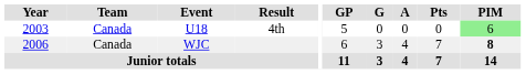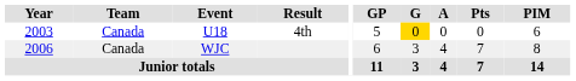 <table border="0" cellpadding="1" cellspacing="0" ID="Table3" style="text-align:center; width:40em;">
 <tr bgcolor="#e0e0e0">
 <th>Year</th>
 <th>Team</th>
 <th>Event</th>
 <th>Result</th>
 <th rowspan="99" bgcolor="#ffffff"></th>
 <th>GP</th>
 <th>G</th>
 <th>A</th>
 <th>Pts</th>
 <th>PIM</th>
 </tr>
 <tr>
 <td><a href='#'>2003</a></td>
 <td><a href='#'>Canada</a></td>
 <td><a href='#'>U18</a></td>
 <td>4th</td>
 <td>5</td>
+<td style="background: gold;">0</td>
 <td>0</td>
 <td>0</td>
-<td>0</td>
-<td style="background: lightgreen;">6</td>
+<td>6</td>
 </tr>
 <tr bgcolor="#f0f0f0">
 <td><a href='#'>2006</a></td>
 <td>Canada</td>
 <td><a href='#'>WJC</a></td>
 <td></td>
 <td>6</td>
 <td>3</td>
 <td>4</td>
 <td>7</td>
-<td><strong>8</strong></td>
+<td>8</td>
 </tr>
 <tr bgcolor="#e0e0e0">
 <th colspan="4">Junior totals</th>
 <th>11</th>
 <th>3</th>
 <th>4</th>
 <th>7</th>
 <th>14</th>
 </tr>
 </table>
